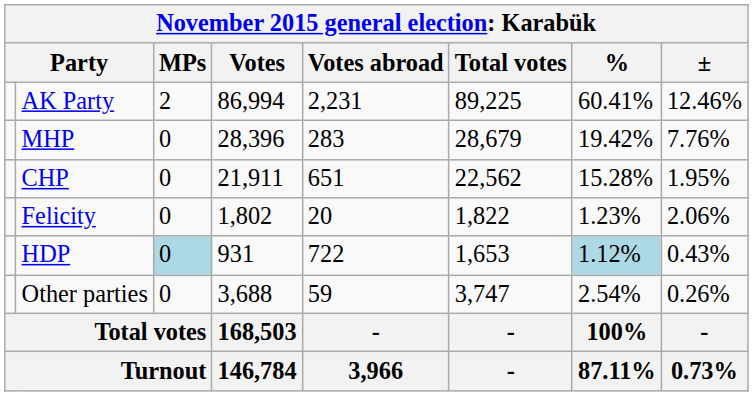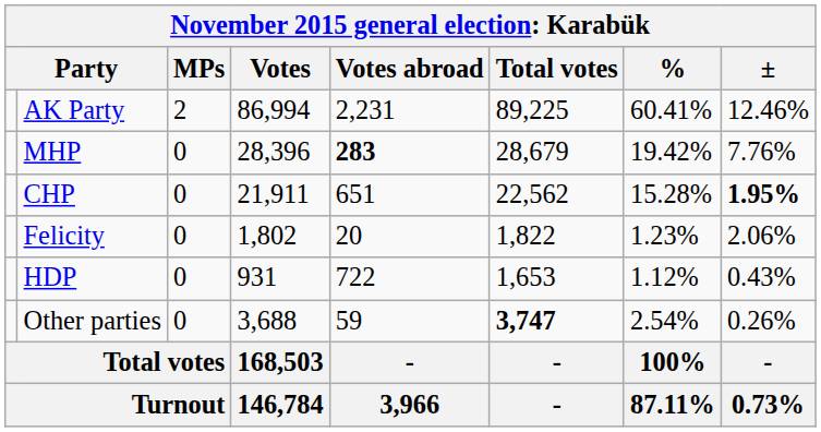 <table class="wikitable sortable">
 <tr>
 <th colspan="8"><a href='#'>November 2015 general election</a>: Karabük</th>
 </tr>
 <tr>
 <th colspan="2">Party</th>
 <th>MPs</th>
 <th>Votes</th>
 <th>Votes abroad</th>
 <th>Total votes</th>
 <th>%</th>
 <th>±</th>
 </tr>
 <tr>
 <td style="background:"></td>
 <td><a href='#'>AK Party</a></td>
 <td>2</td>
 <td>86,994</td>
 <td>2,231</td>
 <td>89,225</td>
 <td>60.41%</td>
 <td>12.46%</td>
 </tr>
 <tr>
 <td style="background:"></td>
 <td><a href='#'>MHP</a></td>
 <td>0</td>
 <td>28,396</td>
-<td>283</td>
+<td><strong>283</strong></td>
 <td>28,679</td>
 <td>19.42%</td>
 <td>7.76%</td>
 </tr>
 <tr>
 <td style="background:"></td>
 <td><a href='#'>CHP</a></td>
 <td>0</td>
 <td>21,911</td>
 <td>651</td>
 <td>22,562</td>
 <td>15.28%</td>
-<td>1.95%</td>
+<td><strong>1.95%</strong></td>
 </tr>
 <tr>
 <td style="background:"></td>
 <td><a href='#'>Felicity</a></td>
 <td>0</td>
 <td>1,802</td>
 <td>20</td>
 <td>1,822</td>
 <td>1.23%</td>
 <td>2.06%</td>
 </tr>
 <tr>
 <td style="background:"></td>
 <td><a href='#'>HDP</a></td>
-<td style="background: lightblue;">0</td>
+<td>0</td>
 <td>931</td>
 <td>722</td>
 <td>1,653</td>
-<td style="background: lightblue;">1.12%</td>
+<td>1.12%</td>
 <td>0.43%</td>
 </tr>
 <tr>
 <td style="background:"></td>
 <td>Other parties</td>
 <td>0</td>
 <td>3,688</td>
 <td>59</td>
-<td>3,747</td>
+<td><strong>3,747</strong></td>
 <td>2.54%</td>
 <td>0.26%</td>
 </tr>
 <tr>
 <th colspan="3" style="text-align:right">Total votes</th>
 <th>168,503</th>
 <th>-</th>
 <th>-</th>
 <th>100%</th>
 <th>-</th>
 </tr>
 <tr>
 <th colspan="3" style="text-align:right">Turnout</th>
 <th>146,784</th>
 <th>3,966</th>
 <th>-</th>
 <th>87.11%</th>
 <th>0.73%</th>
 </tr>
 </table>
